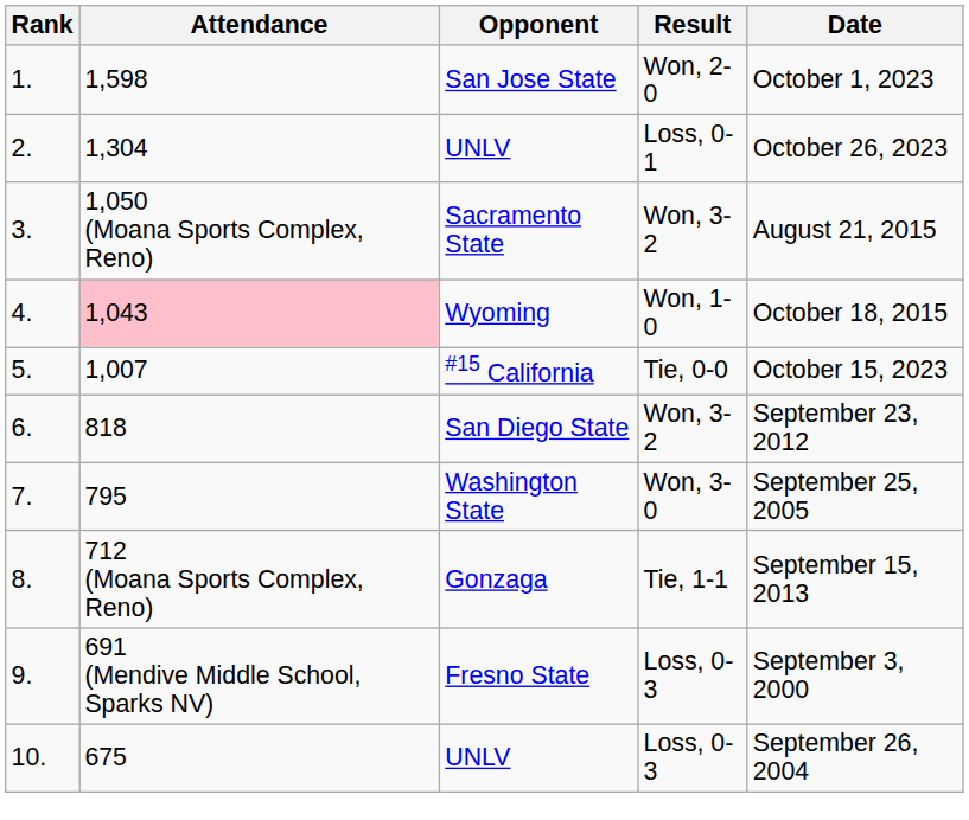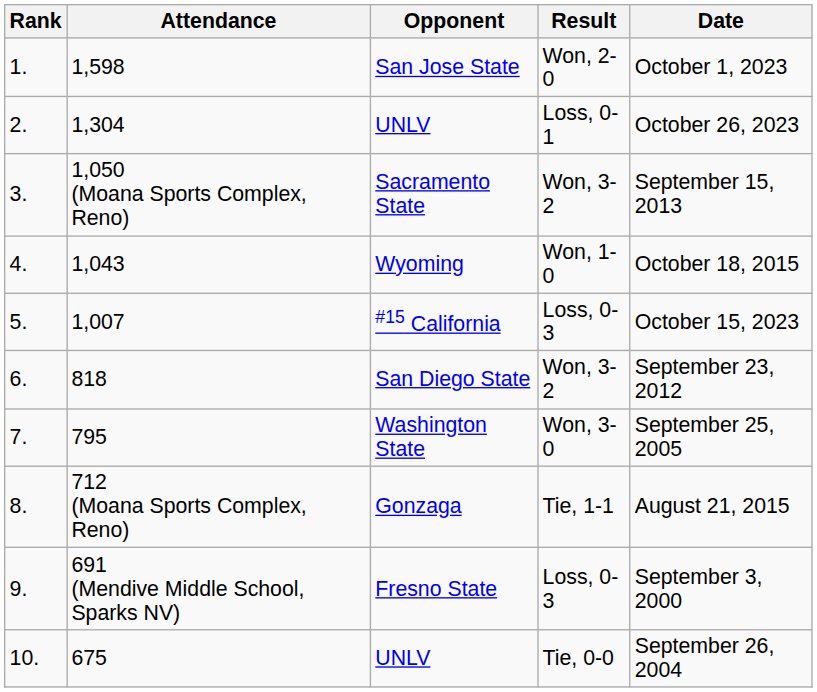 <table class="wikitable sortable">
 <tr>
 <th>Rank</th>
 <th>Attendance</th>
 <th>Opponent</th>
 <th>Result</th>
 <th>Date</th>
 </tr>
 <tr>
 <td>1.</td>
 <td>1,598</td>
 <td><a href='#'>San Jose State</a></td>
 <td>Won, 2-0</td>
 <td>October 1, 2023</td>
 </tr>
 <tr>
 <td>2.</td>
 <td>1,304</td>
 <td><a href='#'>UNLV</a></td>
 <td>Loss, 0-1</td>
 <td>October 26, 2023</td>
 </tr>
 <tr>
 <td>3.</td>
 <td>1,050<br>(Moana Sports Complex, Reno)</td>
 <td><a href='#'>Sacramento State</a></td>
 <td>Won, 3-2</td>
-<td>August 21, 2015</td>
+<td>September 15, 2013</td>
 </tr>
 <tr>
 <td>4.</td>
-<td style="background: pink;">1,043</td>
+<td>1,043</td>
 <td><a href='#'>Wyoming</a></td>
 <td>Won, 1-0</td>
 <td>October 18, 2015</td>
 </tr>
 <tr>
 <td>5.</td>
 <td>1,007</td>
 <td><a href='#'><sup>#15</sup> California</a></td>
-<td>Tie, 0-0</td>
+<td>Loss, 0-3</td>
 <td>October 15, 2023</td>
 </tr>
 <tr>
 <td>6.</td>
 <td>818</td>
 <td><a href='#'>San Diego State</a></td>
 <td>Won, 3-2</td>
 <td>September 23, 2012</td>
 </tr>
 <tr>
 <td>7.</td>
 <td>795</td>
 <td><a href='#'>Washington State</a></td>
 <td>Won, 3-0</td>
 <td>September 25, 2005</td>
 </tr>
 <tr>
 <td>8.</td>
 <td>712<br>(Moana Sports Complex, Reno)</td>
 <td><a href='#'>Gonzaga</a></td>
 <td>Tie, 1-1</td>
-<td>September 15, 2013</td>
+<td>August 21, 2015</td>
 </tr>
 <tr>
 <td>9.</td>
 <td>691<br>(Mendive Middle School, Sparks NV)</td>
 <td><a href='#'>Fresno State</a></td>
 <td>Loss, 0-3</td>
 <td>September 3, 2000</td>
 </tr>
 <tr>
 <td>10.</td>
 <td>675</td>
 <td><a href='#'>UNLV</a></td>
-<td>Loss, 0-3</td>
+<td>Tie, 0-0</td>
 <td>September 26, 2004</td>
 </tr>
 </table>
